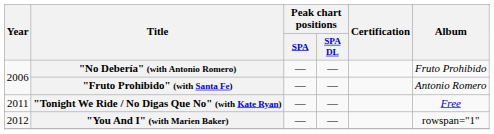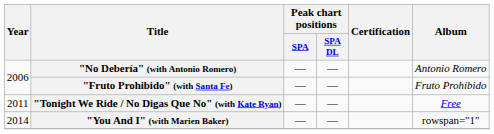 <table class="wikitable plainrowheaders" style="text-align:center;">
 <tr>
 <th scope="col" rowspan="2">Year</th>
 <th scope="col" rowspan="2">Title</th>
 <th scope="col" colspan="2">Peak chart positions</th>
 <th scope="col" rowspan="2">Certification</th>
 <th scope="col" rowspan="2">Album</th>
 </tr>
 <tr>
 <th scope="col" style="width:3em;font-size:85%;"><a href='#'>SPA</a></th>
 <th scope="col" style="width:3em;font-size:85%;"><a href='#'>SPA</a> <a href='#'>DL</a></th>
 </tr>
 <tr>
 <td rowspan="2">2006</td>
 <th scope="row">"No Debería" <small>(with Antonio Romero)</small></th>
 <td>—</td>
 <td>—</td>
 <td></td>
-<td rowspan="1"><em>Fruto Prohibido</em></td>
+<td rowspan="1"><em>Antonio Romero</em></td>
 </tr>
 <tr>
 <th scope="row">"Fruto Prohibido" <small>(with <a href='#'>Santa Fe</a>)</small></th>
 <td>—</td>
 <td>—</td>
 <td></td>
-<td rowspan="1"><em>Antonio Romero</em></td>
+<td rowspan="1"><em>Fruto Prohibido</em></td>
 </tr>
 <tr>
 <td>2011</td>
 <th scope="row">"Tonight We Ride / No Digas Que No" <small>(with <a href='#'>Kate Ryan</a>)</small></th>
 <td>—</td>
 <td>—</td>
 <td></td>
 <td rowspan="1"><em><a href='#'>Free</a></em></td>
 </tr>
 <tr>
-<td>2012</td>
+<td>2014</td>
 <th scope="row">"You And I" <small>(with Marien Baker)</small></th>
 <td>—</td>
 <td>—</td>
 <td></td>
 <td>rowspan="1" </td>
 </tr>
 <tr>
 </tr>
 </table>
